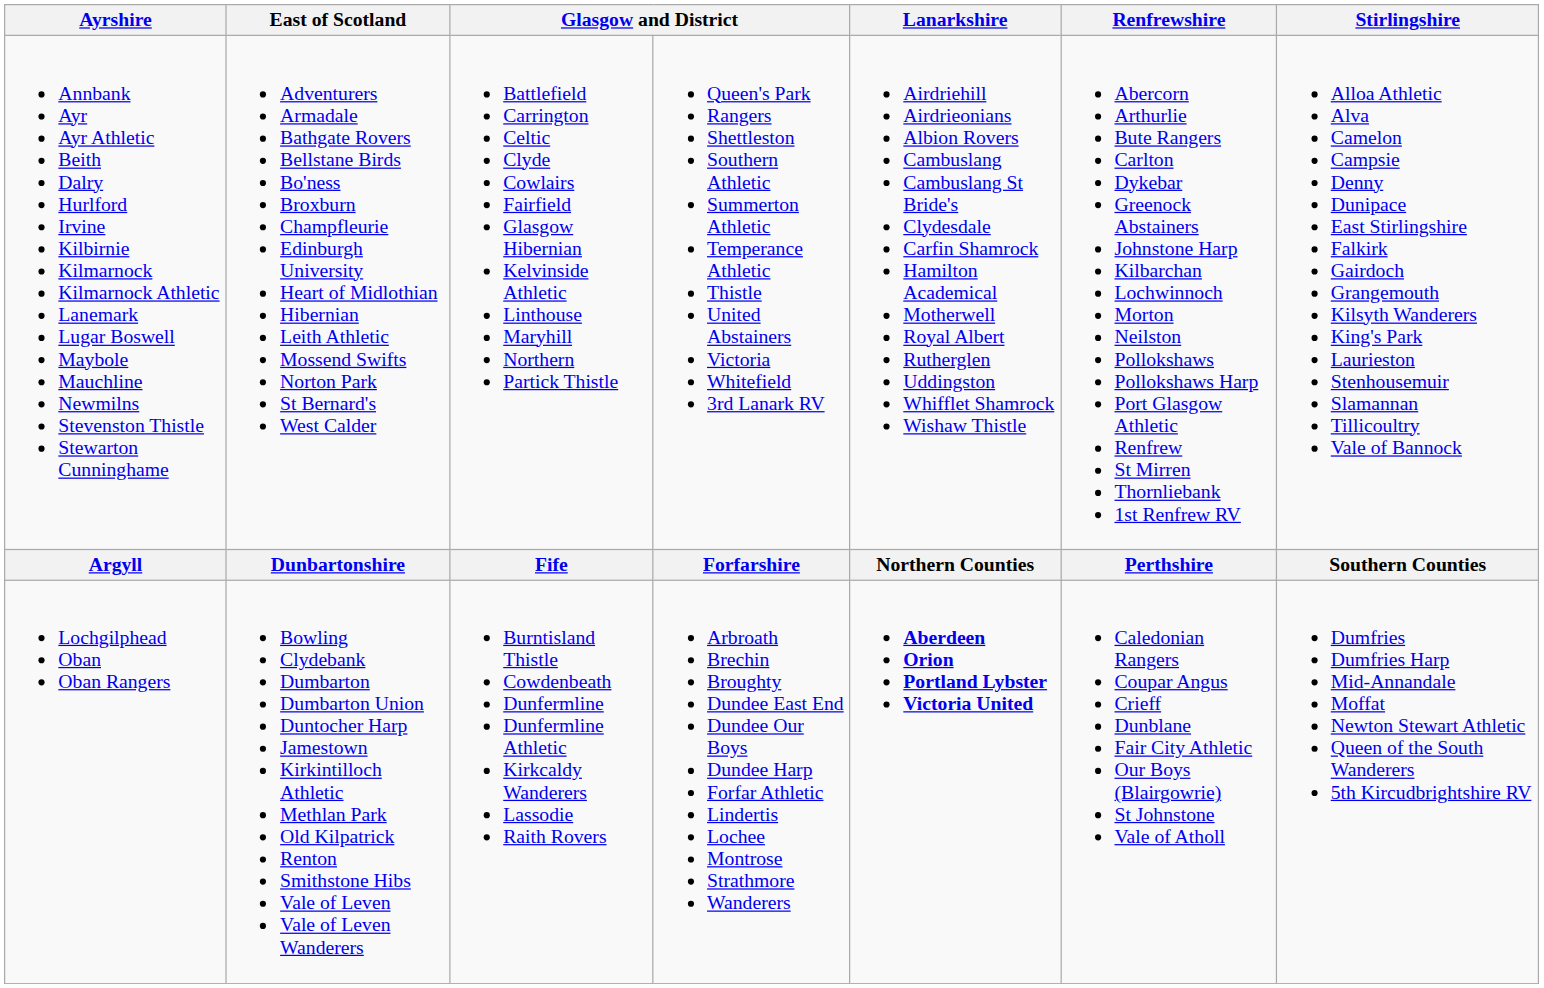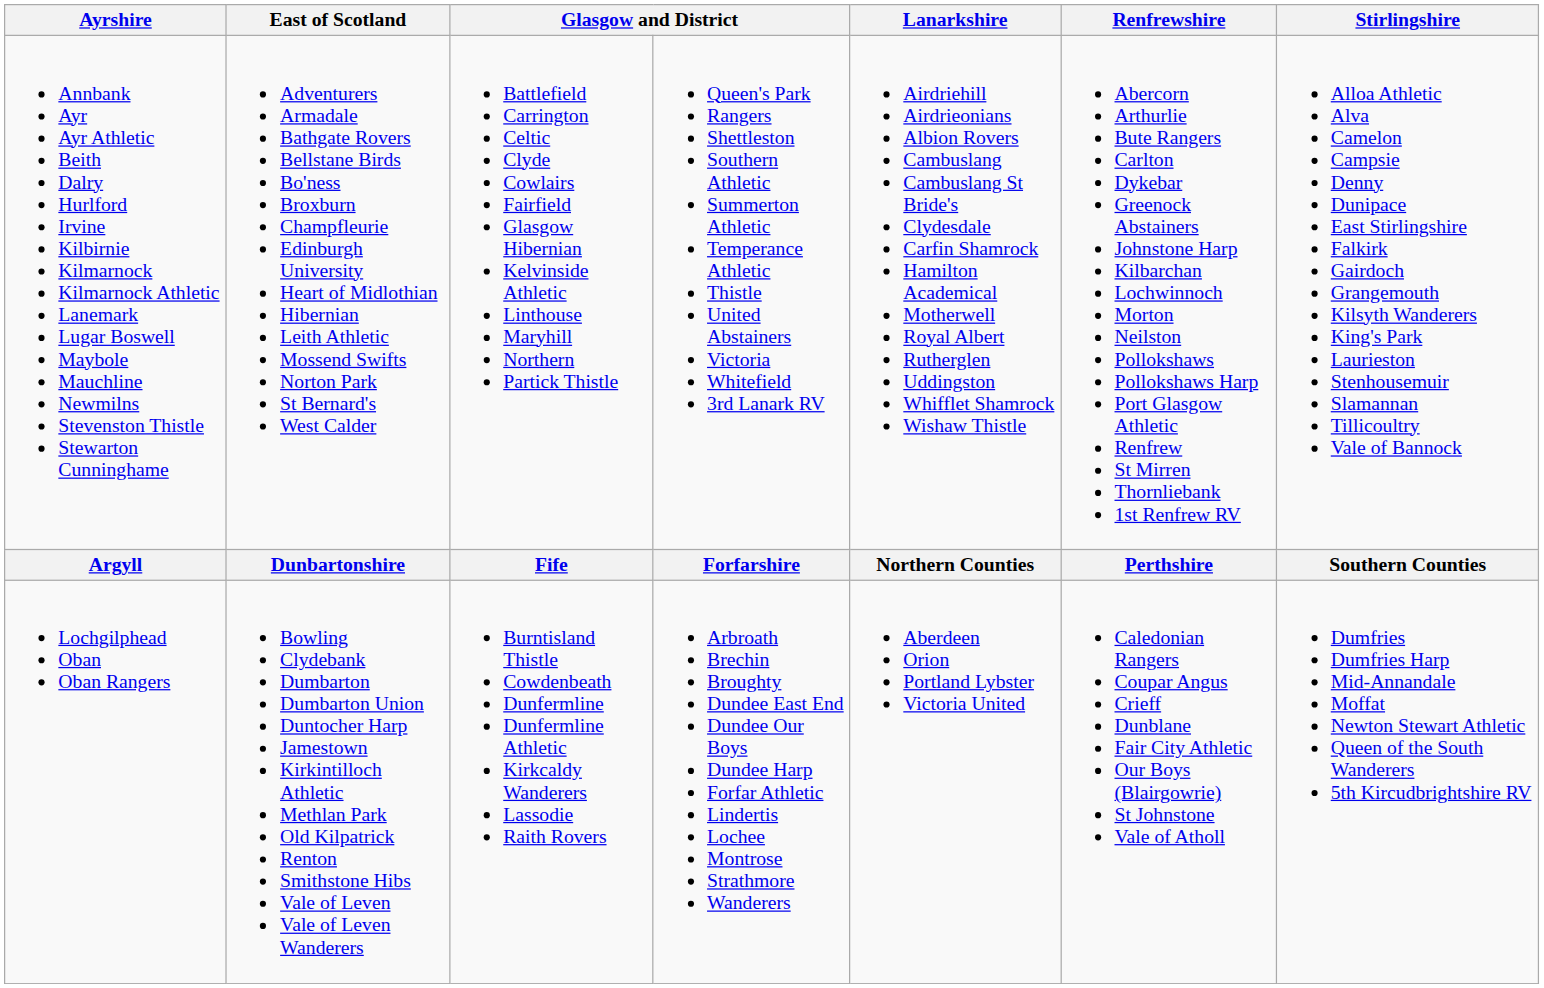 <table class="wikitable" style="text-align:left">
 <tr>
 <th><a href='#'>Ayrshire</a></th>
 <th>East of Scotland</th>
 <th colspan=2><a href='#'>Glasgow</a> and District</th>
 <th><a href='#'>Lanarkshire</a></th>
 <th><a href='#'>Renfrewshire</a></th>
 <th><a href='#'>Stirlingshire</a></th>
 </tr>
 <tr>
 <td valign=top><br><ul><li><a href='#'>Annbank</a></li><li><a href='#'>Ayr</a></li><li><a href='#'>Ayr Athletic</a></li><li><a href='#'>Beith</a></li><li><a href='#'>Dalry</a></li><li><a href='#'>Hurlford</a></li><li><a href='#'>Irvine</a></li><li><a href='#'>Kilbirnie</a></li><li><a href='#'>Kilmarnock</a></li><li><a href='#'>Kilmarnock Athletic</a></li><li><a href='#'>Lanemark</a></li><li><a href='#'>Lugar Boswell</a></li><li><a href='#'>Maybole</a></li><li><a href='#'>Mauchline</a></li><li><a href='#'>Newmilns</a></li><li><a href='#'>Stevenston Thistle</a></li><li><a href='#'>Stewarton Cunninghame</a></li></ul></td>
 <td valign=top><br><ul><li><a href='#'>Adventurers</a></li><li><a href='#'>Armadale</a></li><li><a href='#'>Bathgate Rovers</a></li><li><a href='#'>Bellstane Birds</a></li><li><a href='#'>Bo'ness</a></li><li><a href='#'>Broxburn</a></li><li><a href='#'>Champfleurie</a></li><li><a href='#'>Edinburgh University</a></li><li><a href='#'>Heart of Midlothian</a></li><li><a href='#'>Hibernian</a></li><li><a href='#'>Leith Athletic</a></li><li><a href='#'>Mossend Swifts</a></li><li><a href='#'>Norton Park</a></li><li><a href='#'>St Bernard's</a></li><li><a href='#'>West Calder</a></li></ul></td>
 <td valign=top><br><ul><li><a href='#'>Battlefield</a></li><li><a href='#'>Carrington</a></li><li><a href='#'>Celtic</a></li><li><a href='#'>Clyde</a></li><li><a href='#'>Cowlairs</a></li><li><a href='#'>Fairfield</a></li><li><a href='#'>Glasgow Hibernian</a></li><li><a href='#'>Kelvinside Athletic</a></li><li><a href='#'>Linthouse</a></li><li><a href='#'>Maryhill</a></li><li><a href='#'>Northern</a></li><li><a href='#'>Partick Thistle</a></li></ul></td>
 <td valign=top><br><ul><li><a href='#'>Queen's Park</a></li><li><a href='#'>Rangers</a></li><li><a href='#'>Shettleston</a></li><li><a href='#'>Southern Athletic</a></li><li><a href='#'>Summerton Athletic</a></li><li><a href='#'>Temperance Athletic</a></li><li><a href='#'>Thistle</a></li><li><a href='#'>United Abstainers</a></li><li><a href='#'>Victoria</a></li><li><a href='#'>Whitefield</a></li><li><a href='#'>3rd Lanark RV</a></li></ul></td>
 <td valign=top><br><ul><li><a href='#'>Airdriehill</a></li><li><a href='#'>Airdrieonians</a></li><li><a href='#'>Albion Rovers</a></li><li><a href='#'>Cambuslang</a></li><li><a href='#'>Cambuslang St Bride's</a></li><li><a href='#'>Clydesdale</a></li><li><a href='#'>Carfin Shamrock</a></li><li><a href='#'>Hamilton Academical</a></li><li><a href='#'>Motherwell</a></li><li><a href='#'>Royal Albert</a></li><li><a href='#'>Rutherglen</a></li><li><a href='#'>Uddingston</a></li><li><a href='#'>Whifflet Shamrock</a></li><li><a href='#'>Wishaw Thistle</a></li></ul></td>
 <td valign=top><br><ul><li><a href='#'>Abercorn</a></li><li><a href='#'>Arthurlie</a></li><li><a href='#'>Bute Rangers</a></li><li><a href='#'>Carlton</a></li><li><a href='#'>Dykebar</a></li><li><a href='#'>Greenock Abstainers</a></li><li><a href='#'>Johnstone Harp</a></li><li><a href='#'>Kilbarchan</a></li><li><a href='#'>Lochwinnoch</a></li><li><a href='#'>Morton</a></li><li><a href='#'>Neilston</a></li><li><a href='#'>Pollokshaws</a></li><li><a href='#'>Pollokshaws Harp</a></li><li><a href='#'>Port Glasgow Athletic</a></li><li><a href='#'>Renfrew</a></li><li><a href='#'>St Mirren</a></li><li><a href='#'>Thornliebank</a></li><li><a href='#'>1st Renfrew RV</a></li></ul></td>
 <td valign=top><br><ul><li><a href='#'>Alloa Athletic</a></li><li><a href='#'>Alva</a></li><li><a href='#'>Camelon</a></li><li><a href='#'>Campsie</a></li><li><a href='#'>Denny</a></li><li><a href='#'>Dunipace</a></li><li><a href='#'>East Stirlingshire</a></li><li><a href='#'>Falkirk</a></li><li><a href='#'>Gairdoch</a></li><li><a href='#'>Grangemouth</a></li><li><a href='#'>Kilsyth Wanderers</a></li><li><a href='#'>King's Park</a></li><li><a href='#'>Laurieston</a></li><li><a href='#'>Stenhousemuir</a></li><li><a href='#'>Slamannan</a></li><li><a href='#'>Tillicoultry</a></li><li><a href='#'>Vale of Bannock</a></li></ul></td>
 </tr>
 <tr>
 <th><a href='#'>Argyll</a></th>
 <th><a href='#'>Dunbartonshire</a></th>
 <th><a href='#'>Fife</a></th>
 <th><a href='#'>Forfarshire</a></th>
 <th>Northern Counties</th>
 <th><a href='#'>Perthshire</a></th>
 <th>Southern Counties</th>
 </tr>
 <tr>
 <td valign=top><br><ul><li><a href='#'>Lochgilphead</a></li><li><a href='#'>Oban</a></li><li><a href='#'>Oban Rangers</a></li></ul></td>
 <td valign=top><br><ul><li><a href='#'>Bowling</a></li><li><a href='#'>Clydebank</a></li><li><a href='#'>Dumbarton</a></li><li><a href='#'>Dumbarton Union</a></li><li><a href='#'>Duntocher Harp</a></li><li><a href='#'>Jamestown</a></li><li><a href='#'>Kirkintilloch Athletic</a></li><li><a href='#'>Methlan Park</a></li><li><a href='#'>Old Kilpatrick</a></li><li><a href='#'>Renton</a></li><li><a href='#'>Smithstone Hibs</a></li><li><a href='#'>Vale of Leven</a></li><li><a href='#'>Vale of Leven Wanderers</a></li></ul></td>
 <td valign=top><br><ul><li><a href='#'>Burntisland Thistle</a></li><li><a href='#'>Cowdenbeath</a></li><li><a href='#'>Dunfermline</a></li><li><a href='#'>Dunfermline Athletic</a></li><li><a href='#'>Kirkcaldy Wanderers</a></li><li><a href='#'>Lassodie</a></li><li><a href='#'>Raith Rovers</a></li></ul></td>
 <td valign=top><br><ul><li><a href='#'>Arbroath</a></li><li><a href='#'>Brechin</a></li><li><a href='#'>Broughty</a></li><li><a href='#'>Dundee East End</a></li><li><a href='#'>Dundee Our Boys</a></li><li><a href='#'>Dundee Harp</a></li><li><a href='#'>Forfar Athletic</a></li><li><a href='#'>Lindertis</a></li><li><a href='#'>Lochee</a></li><li><a href='#'>Montrose</a></li><li><a href='#'>Strathmore</a></li><li><a href='#'>Wanderers</a></li></ul></td>
-<td valign=top><strong><br><ul><li><a href='#'>Aberdeen</a></li><li><a href='#'>Orion</a></li><li><a href='#'>Portland Lybster</a></li><li><a href='#'>Victoria United</a></li></ul></strong></td>
+<td valign=top><br><ul><li><a href='#'>Aberdeen</a></li><li><a href='#'>Orion</a></li><li><a href='#'>Portland Lybster</a></li><li><a href='#'>Victoria United</a></li></ul></td>
 <td valign=top><br><ul><li><a href='#'>Caledonian Rangers</a></li><li><a href='#'>Coupar Angus</a></li><li><a href='#'>Crieff</a></li><li><a href='#'>Dunblane</a></li><li><a href='#'>Fair City Athletic</a></li><li><a href='#'>Our Boys (Blairgowrie)</a></li><li><a href='#'>St Johnstone</a></li><li><a href='#'>Vale of Atholl</a></li></ul></td>
 <td valign=top><br><ul><li><a href='#'>Dumfries</a></li><li><a href='#'>Dumfries Harp</a></li><li><a href='#'>Mid-Annandale</a></li><li><a href='#'>Moffat</a></li><li><a href='#'>Newton Stewart Athletic</a></li><li><a href='#'>Queen of the South Wanderers</a></li><li><a href='#'>5th Kircudbrightshire RV</a></li></ul></td>
 </tr>
 </table>
